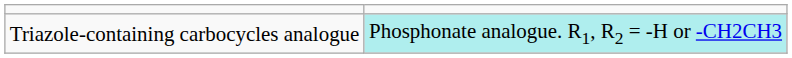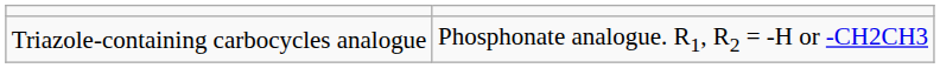 <table class="wikitable" style="margin: 1em auto 1em auto;">
 <tr>
 <td></td>
 <td></td>
 </tr>
 <tr>
 <td>Triazole-containing carbocycles analogue</td>
-<td style="background: paleturquoise;">Phosphonate analogue. R<sub>1</sub>, R<sub>2</sub> = -H or <a href='#'>-CH2CH3</a></td>
+<td>Phosphonate analogue. R<sub>1</sub>, R<sub>2</sub> = -H or <a href='#'>-CH2CH3</a></td>
 </tr>
 </table>
